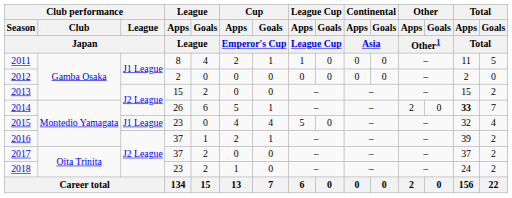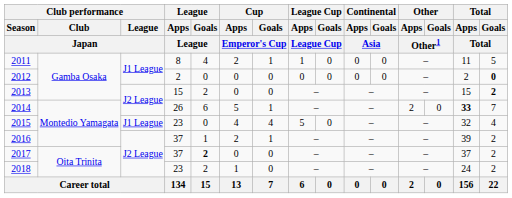 <table class="wikitable" style="text-align:center">
 <tr>
 <th colspan=3>Club performance</th>
 <th colspan=2>League</th>
 <th colspan=2>Cup</th>
 <th colspan=2>League Cup</th>
 <th colspan=2>Continental</th>
 <th colspan=2>Other</th>
 <th colspan=2>Total</th>
 </tr>
 <tr>
 <th>Season</th>
 <th>Club</th>
 <th>League</th>
 <th>Apps</th>
 <th>Goals</th>
 <th>Apps</th>
 <th>Goals</th>
 <th>Apps</th>
 <th>Goals</th>
 <th>Apps</th>
 <th>Goals</th>
 <th>Apps</th>
 <th>Goals</th>
 <th>Apps</th>
 <th>Goals</th>
 </tr>
 <tr>
 <th colspan=3>Japan</th>
 <th colspan=2>League</th>
 <th colspan=2><a href='#'>Emperor's Cup</a></th>
 <th colspan=2><a href='#'>League Cup</a></th>
 <th colspan=2><a href='#'>Asia</a></th>
 <th colspan="2">Other<sup><a href='#'>1</a></sup></th>
 <th colspan=2>Total</th>
 </tr>
 <tr>
 <td><a href='#'>2011</a></td>
 <td rowspan="3"><a href='#'>Gamba Osaka</a></td>
 <td rowspan="2"><a href='#'>J1 League</a></td>
 <td>8</td>
 <td>4</td>
 <td>2</td>
 <td>1</td>
 <td>1</td>
 <td>0</td>
 <td>0</td>
 <td>0</td>
 <td colspan="2">–</td>
 <td>11</td>
 <td>5</td>
 </tr>
 <tr>
 <td><a href='#'>2012</a></td>
 <td>2</td>
 <td>0</td>
 <td>0</td>
 <td>0</td>
 <td>0</td>
 <td>0</td>
 <td>0</td>
 <td>0</td>
 <td colspan="2">–</td>
 <td>2</td>
-<td>0</td>
+<td><strong>0</strong></td>
 </tr>
 <tr>
 <td><a href='#'>2013</a></td>
 <td rowspan="2"><a href='#'>J2 League</a></td>
 <td>15</td>
 <td>2</td>
 <td>0</td>
 <td>0</td>
 <td colspan="2">–</td>
 <td colspan="2">–</td>
 <td colspan="2">–</td>
 <td>15</td>
-<td>2</td>
+<td><strong>2</strong></td>
 </tr>
 <tr>
 <td><a href='#'>2014</a></td>
 <td rowspan="3"><a href='#'>Montedio Yamagata</a></td>
 <td>26</td>
 <td>6</td>
 <td>5</td>
 <td>1</td>
 <td colspan="2">–</td>
 <td colspan="2">–</td>
 <td>2</td>
 <td>0</td>
 <td><strong>33</strong></td>
 <td>7</td>
 </tr>
 <tr>
 <td><a href='#'>2015</a></td>
 <td><a href='#'>J1 League</a></td>
 <td>23</td>
 <td>0</td>
 <td>4</td>
 <td>4</td>
 <td>5</td>
 <td>0</td>
 <td colspan="2">–</td>
 <td colspan="2">–</td>
 <td>32</td>
 <td>4</td>
 </tr>
 <tr>
 <td><a href='#'>2016</a></td>
 <td rowspan="3"><a href='#'>J2 League</a></td>
 <td>37</td>
 <td>1</td>
 <td>2</td>
 <td>1</td>
 <td colspan="2">–</td>
 <td colspan="2">–</td>
 <td colspan="2">–</td>
 <td>39</td>
 <td>2</td>
 </tr>
 <tr>
 <td><a href='#'>2017</a></td>
 <td rowspan="2"><a href='#'>Oita Trinita</a></td>
 <td>37</td>
-<td>2</td>
+<td><strong>2</strong></td>
 <td>0</td>
 <td>0</td>
 <td colspan="2">–</td>
 <td colspan="2">–</td>
 <td colspan="2">–</td>
 <td>37</td>
 <td>2</td>
 </tr>
 <tr>
 <td><a href='#'>2018</a></td>
 <td>23</td>
 <td>2</td>
 <td>1</td>
 <td>0</td>
 <td colspan="2">–</td>
 <td colspan="2">–</td>
 <td colspan="2">–</td>
 <td>24</td>
 <td>2</td>
 </tr>
 <tr>
 <th colspan=3>Career total</th>
 <th>134</th>
 <th>15</th>
 <th>13</th>
 <th>7</th>
 <th>6</th>
 <th>0</th>
 <th>0</th>
 <th>0</th>
 <th>2</th>
 <th>0</th>
 <th>156</th>
 <th>22</th>
 </tr>
 </table>
